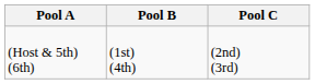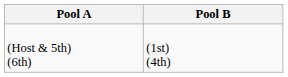 <table class="wikitable">
 <tr>
 <th width=25%>Pool A</th>
 <th width=25%>Pool B</th>
-<th width=25%>Pool C</th>
 </tr>
 <tr>
 <td><br> (Host & 5th)<br>  (6th)<br> </td>
 <td><br> (1st)<br>  (4th)<br> </td>
-<td><br> (2nd)<br>  (3rd)<br> </td>
 </tr>
 </table>
